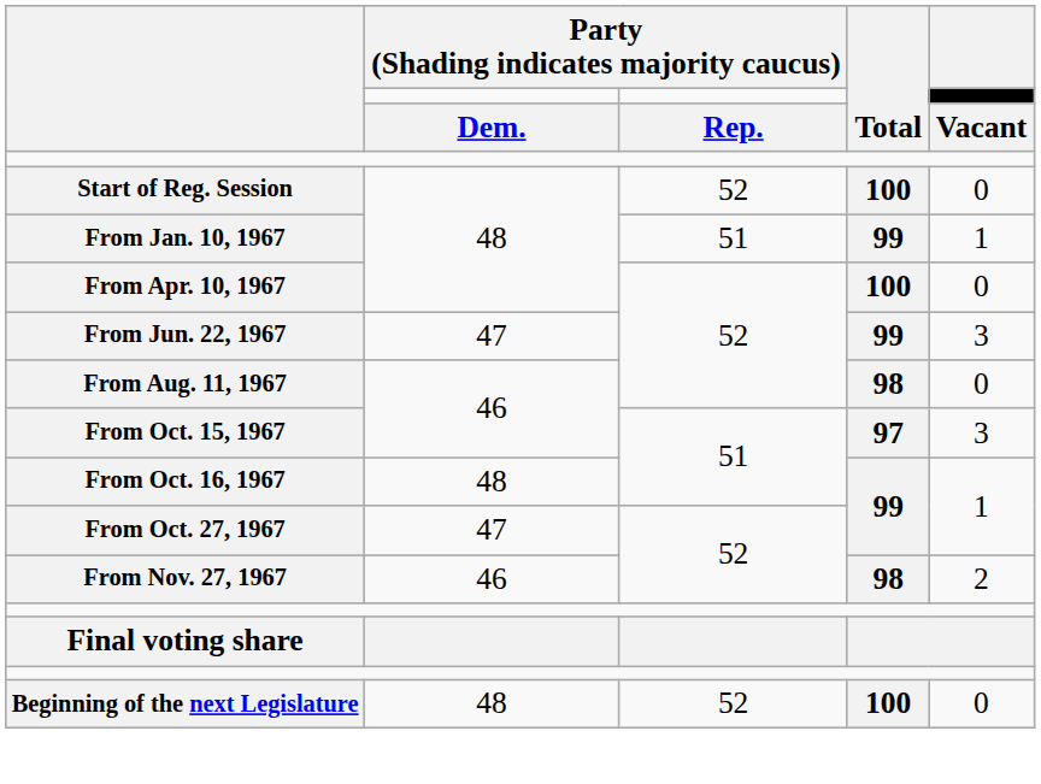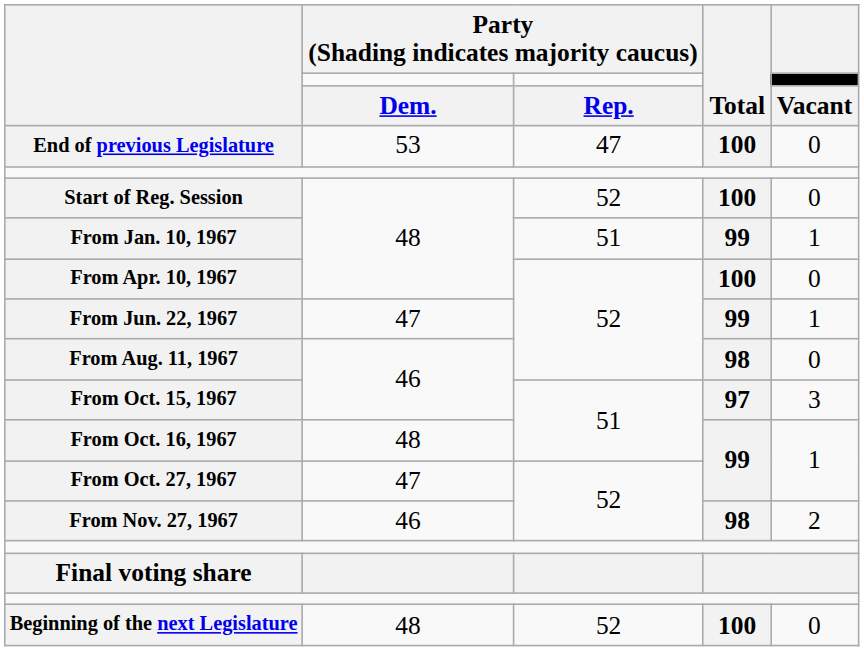 <table class=wikitable style="text-align:center">
 <tr style="vertical-align:bottom;">
 <th rowspan=3></th>
 <th colspan=2>Party <div>(Shading indicates majority caucus)</div></th>
 <th rowspan=3>Total</th>
 <th></th>
 </tr>
 <tr style="height:5px">
 <td style="background-color:"></td>
 <td style="background-color:"></td>
 <td style="background:black;"></td>
 </tr>
 <tr>
 <th><a href='#'>Dem.</a></th>
 <th><a href='#'>Rep.</a></th>
 <th>Vacant</th>
+</tr>
+<tr>
+<th style="font-size:80%;">End of <a href='#'>previous Legislature</a></th>
+<td>53</td>
+<td>47</td>
+<th>100</th>
+<td>0</td>
 </tr>
 <tr>
 <td colspan=5></td>
 </tr>
 <tr>
 <th style="font-size:80%;">Start of Reg. Session</th>
 <td rowspan="3">48</td>
 <td>52</td>
 <th>100</th>
 <td>0</td>
 </tr>
 <tr>
 <th style="font-size:80%;">From Jan. 10, 1967</th>
 <td>51</td>
 <th>99</th>
 <td>1</td>
 </tr>
 <tr>
 <th style="font-size:80%;">From Apr. 10, 1967</th>
 <td rowspan="3" >52</td>
 <th>100</th>
 <td>0</td>
 </tr>
 <tr>
 <th style="font-size:80%;">From Jun. 22, 1967</th>
 <td>47</td>
 <th>99</th>
-<td>3</td>
+<td>1</td>
 </tr>
 <tr>
 <th style="font-size:80%;">From Aug. 11, 1967</th>
 <td rowspan="2">46</td>
 <th>98</th>
 <td>0</td>
 </tr>
 <tr>
 <th style="font-size:80%;">From Oct. 15, 1967</th>
 <td rowspan="2" >51</td>
 <th>97</th>
 <td>3</td>
 </tr>
 <tr>
 <th style="font-size:80%;">From Oct. 16, 1967</th>
 <td>48</td>
 <th rowspan="2">99</th>
 <td rowspan="2">1</td>
 </tr>
 <tr>
 <th style="font-size:80%;">From Oct. 27, 1967</th>
 <td>47</td>
 <td rowspan="2" >52</td>
 </tr>
 <tr>
 <th style="font-size:80%;">From Nov. 27, 1967</th>
 <td>46</td>
 <th>98</th>
 <td>2</td>
 </tr>
 <tr>
 <td colspan=5></td>
 </tr>
 <tr>
 <th>Final voting share</th>
 <th></th>
 <th></th>
 <th colspan=2></th>
 </tr>
 <tr>
 <td colspan=5></td>
 </tr>
 <tr>
 <th style="font-size:80%;">Beginning of the <a href='#'>next Legislature</a></th>
 <td>48</td>
 <td>52</td>
 <th>100</th>
 <td>0</td>
 </tr>
 </table>
